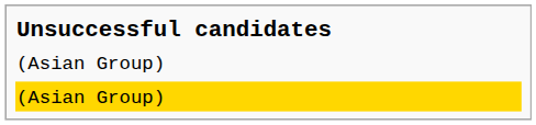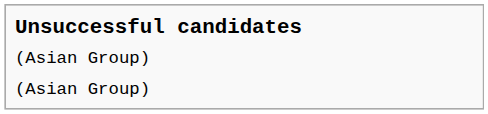 <table class="infobox" style="width:300px;">
 <tr>
 <td><strong>Unsuccessful candidates</strong></td>
 </tr>
 <tr>
 <td> <small>(Asian Group)</small></td>
 </tr>
 <tr>
-<td style="background: gold;"> <small>(Asian Group)</small></td>
+<td> <small>(Asian Group)</small></td>
 </tr>
 </table>
